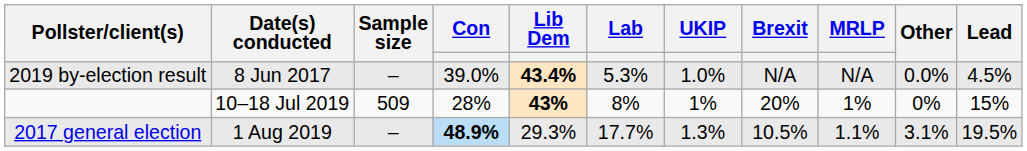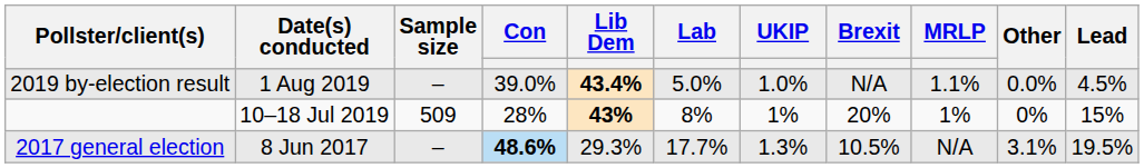 <table class="wikitable sortable" style="text-align:center;font-size:90%;line-height:14px;">
 <tr>
 <th rowspan="2">Pollster/client(s)</th>
 <th rowspan="2">Date(s)<br>conducted</th>
 <th data-sort-type="number" rowspan="2">Sample<br>size</th>
 <th class="unsortable" style="width:50px;"><a href='#'>Con</a></th>
 <th class="unsortable" style="width:50px;"><a href='#'>Lib Dem</a></th>
 <th class="unsortable" style="width:50px;"><a href='#'>Lab</a></th>
 <th class="unsortable" style="width:50px;"><a href='#'>UKIP</a></th>
 <th class="unsortable" style="width:50px;"><a href='#'>Brexit</a></th>
 <th class="unsortable" style="width:50px;"><a href='#'>MRLP</a></th>
 <th class="unsortable" rowspan="2">Other</th>
 <th data-sort-type="number" rowspan="2">Lead</th>
 </tr>
 <tr>
 <th data-sort-type="number" style="background:"></th>
 <th data-sort-type="number" style="background:"></th>
 <th data-sort-type="number" style="background:"></th>
 <th data-sort-type="number" style="background:"></th>
 <th data-sort-type="number" style="background:"></th>
 <th data-sort-type="number" style="background:"></th>
 </tr>
 <tr style="background:#E9E9E9;">
 <td>2019 by-election result</td>
-<td data-sort-value="2017-06-08">8 Jun 2017</td>
+<td data-sort-value="2019-08-01">1 Aug 2019</td>
 <td>–</td>
 <td>39.0%</td>
 <td style="background:#FDE6C1;"><strong>43.4%</strong></td>
-<td>5.3%</td>
+<td>5.0%</td>
 <td>1.0%</td>
 <td>N/A</td>
-<td>N/A</td>
+<td>1.1%</td>
 <td>0.0%</td>
 <td style="background:">4.5%</td>
 </tr>
 <tr>
 <td></td>
 <td data-sort-value="2019-07-18">10–18 Jul 2019</td>
 <td>509</td>
 <td>28%</td>
 <td style="background:#FDE6C1;"><strong>43%</strong></td>
 <td>8%</td>
 <td>1%</td>
 <td>20%</td>
 <td>1%</td>
 <td>0%</td>
 <td style="background:">15%</td>
 </tr>
 <tr style="background:#E9E9E9;">
 <td><a href='#'>2017 general election</a></td>
-<td data-sort-value="2019-08-01">1 Aug 2019</td>
+<td data-sort-value="2017-06-08">8 Jun 2017</td>
 <td>–</td>
-<td style="background:#BADEF5;"><strong>48.9%</strong></td>
+<td style="background:#BADEF5;"><strong>48.6%</strong></td>
 <td>29.3%</td>
 <td>17.7%</td>
 <td>1.3%</td>
 <td>10.5%</td>
-<td>1.1%</td>
+<td>N/A</td>
 <td>3.1%</td>
 <td style="background:">19.5%</td>
 </tr>
 </table>
